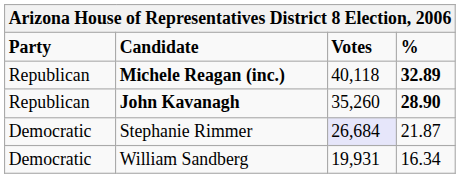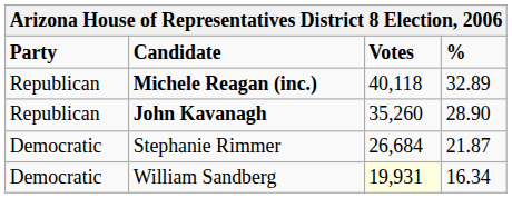 <table class="wikitable">
 <tr>
 <th colspan="4">Arizona House of Representatives District 8 Election, 2006</th>
 </tr>
 <tr>
 <td><strong>Party</strong></td>
 <td><strong>Candidate</strong></td>
 <td><strong>Votes</strong></td>
 <td><strong>%</strong></td>
 </tr>
 <tr>
 <td>Republican</td>
 <td><strong>Michele Reagan (inc.)</strong></td>
 <td>40,118</td>
-<td><strong>32.89</strong></td>
+<td>32.89</td>
 </tr>
 <tr>
 <td>Republican</td>
 <td><strong>John Kavanagh</strong></td>
 <td>35,260</td>
-<td><strong>28.90</strong></td>
+<td>28.90</td>
 </tr>
 <tr>
 <td>Democratic</td>
 <td>Stephanie Rimmer</td>
-<td style="background: lavender;">26,684</td>
+<td>26,684</td>
 <td>21.87</td>
 </tr>
 <tr>
 <td>Democratic</td>
 <td>William Sandberg</td>
-<td>19,931</td>
+<td style="background: lightyellow;">19,931</td>
 <td>16.34</td>
 </tr>
 </table>
